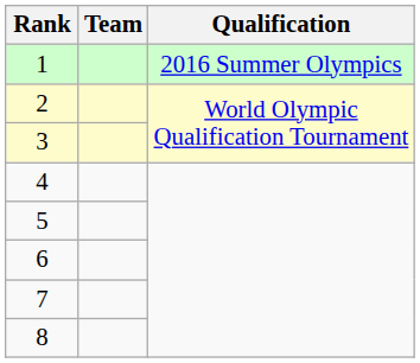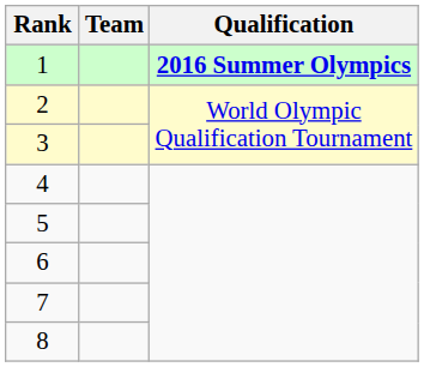 <table class="wikitable" style="text-align: center;">
 <tr>
 <th width=40>Rank</th>
 <th>Team</th>
 <th>Qualification</th>
 </tr>
 <tr bgcolor=#ccffcc>
 <td>1</td>
 <td style="text-align:left;"></td>
-<td><a href='#'>2016 Summer Olympics</a></td>
+<td><strong><a href='#'>2016 Summer Olympics</a></strong></td>
 </tr>
 <tr bgcolor=#fffccc>
 <td>2</td>
 <td style="text-align:left;"></td>
 <td rowspan=2><a href='#'>World Olympic<br>Qualification Tournament</a></td>
 </tr>
 <tr bgcolor=#fffccc>
 <td>3</td>
 <td style="text-align:left;"></td>
 </tr>
 <tr>
 <td>4</td>
 <td style="text-align:left;"></td>
 </tr>
 <tr>
 <td>5</td>
 <td style="text-align:left;"></td>
 </tr>
 <tr>
 <td>6</td>
 <td style="text-align:left;"></td>
 </tr>
 <tr>
 <td>7</td>
 <td style="text-align:left;"></td>
 </tr>
 <tr>
 <td>8</td>
 <td style="text-align:left;"></td>
 </tr>
 </table>
